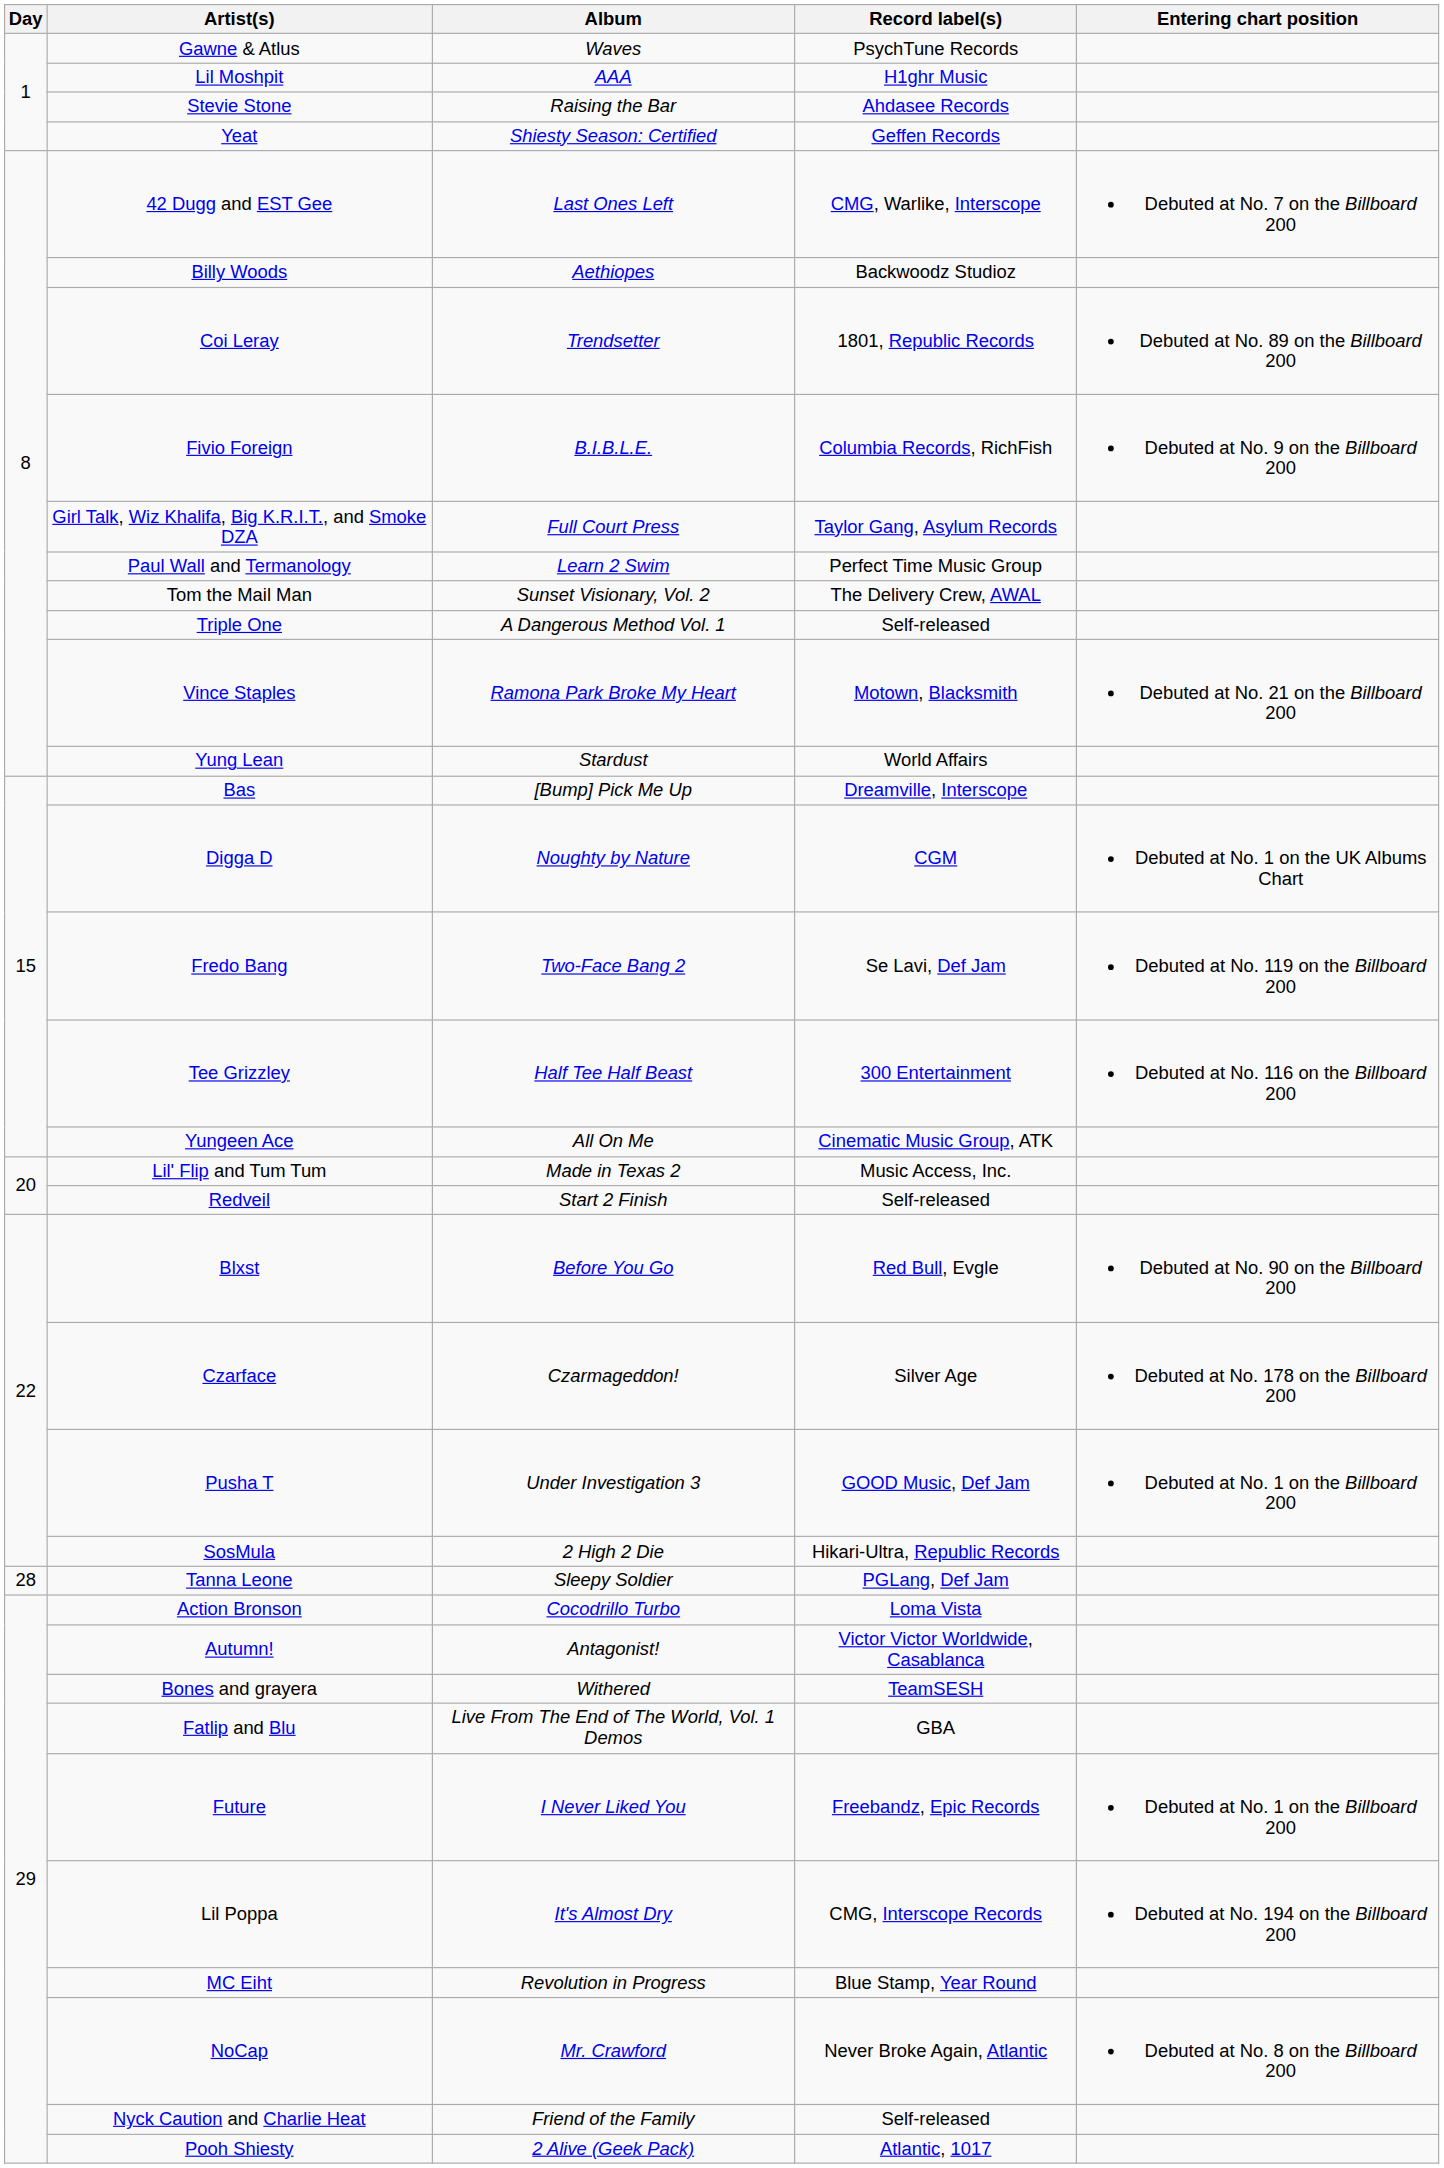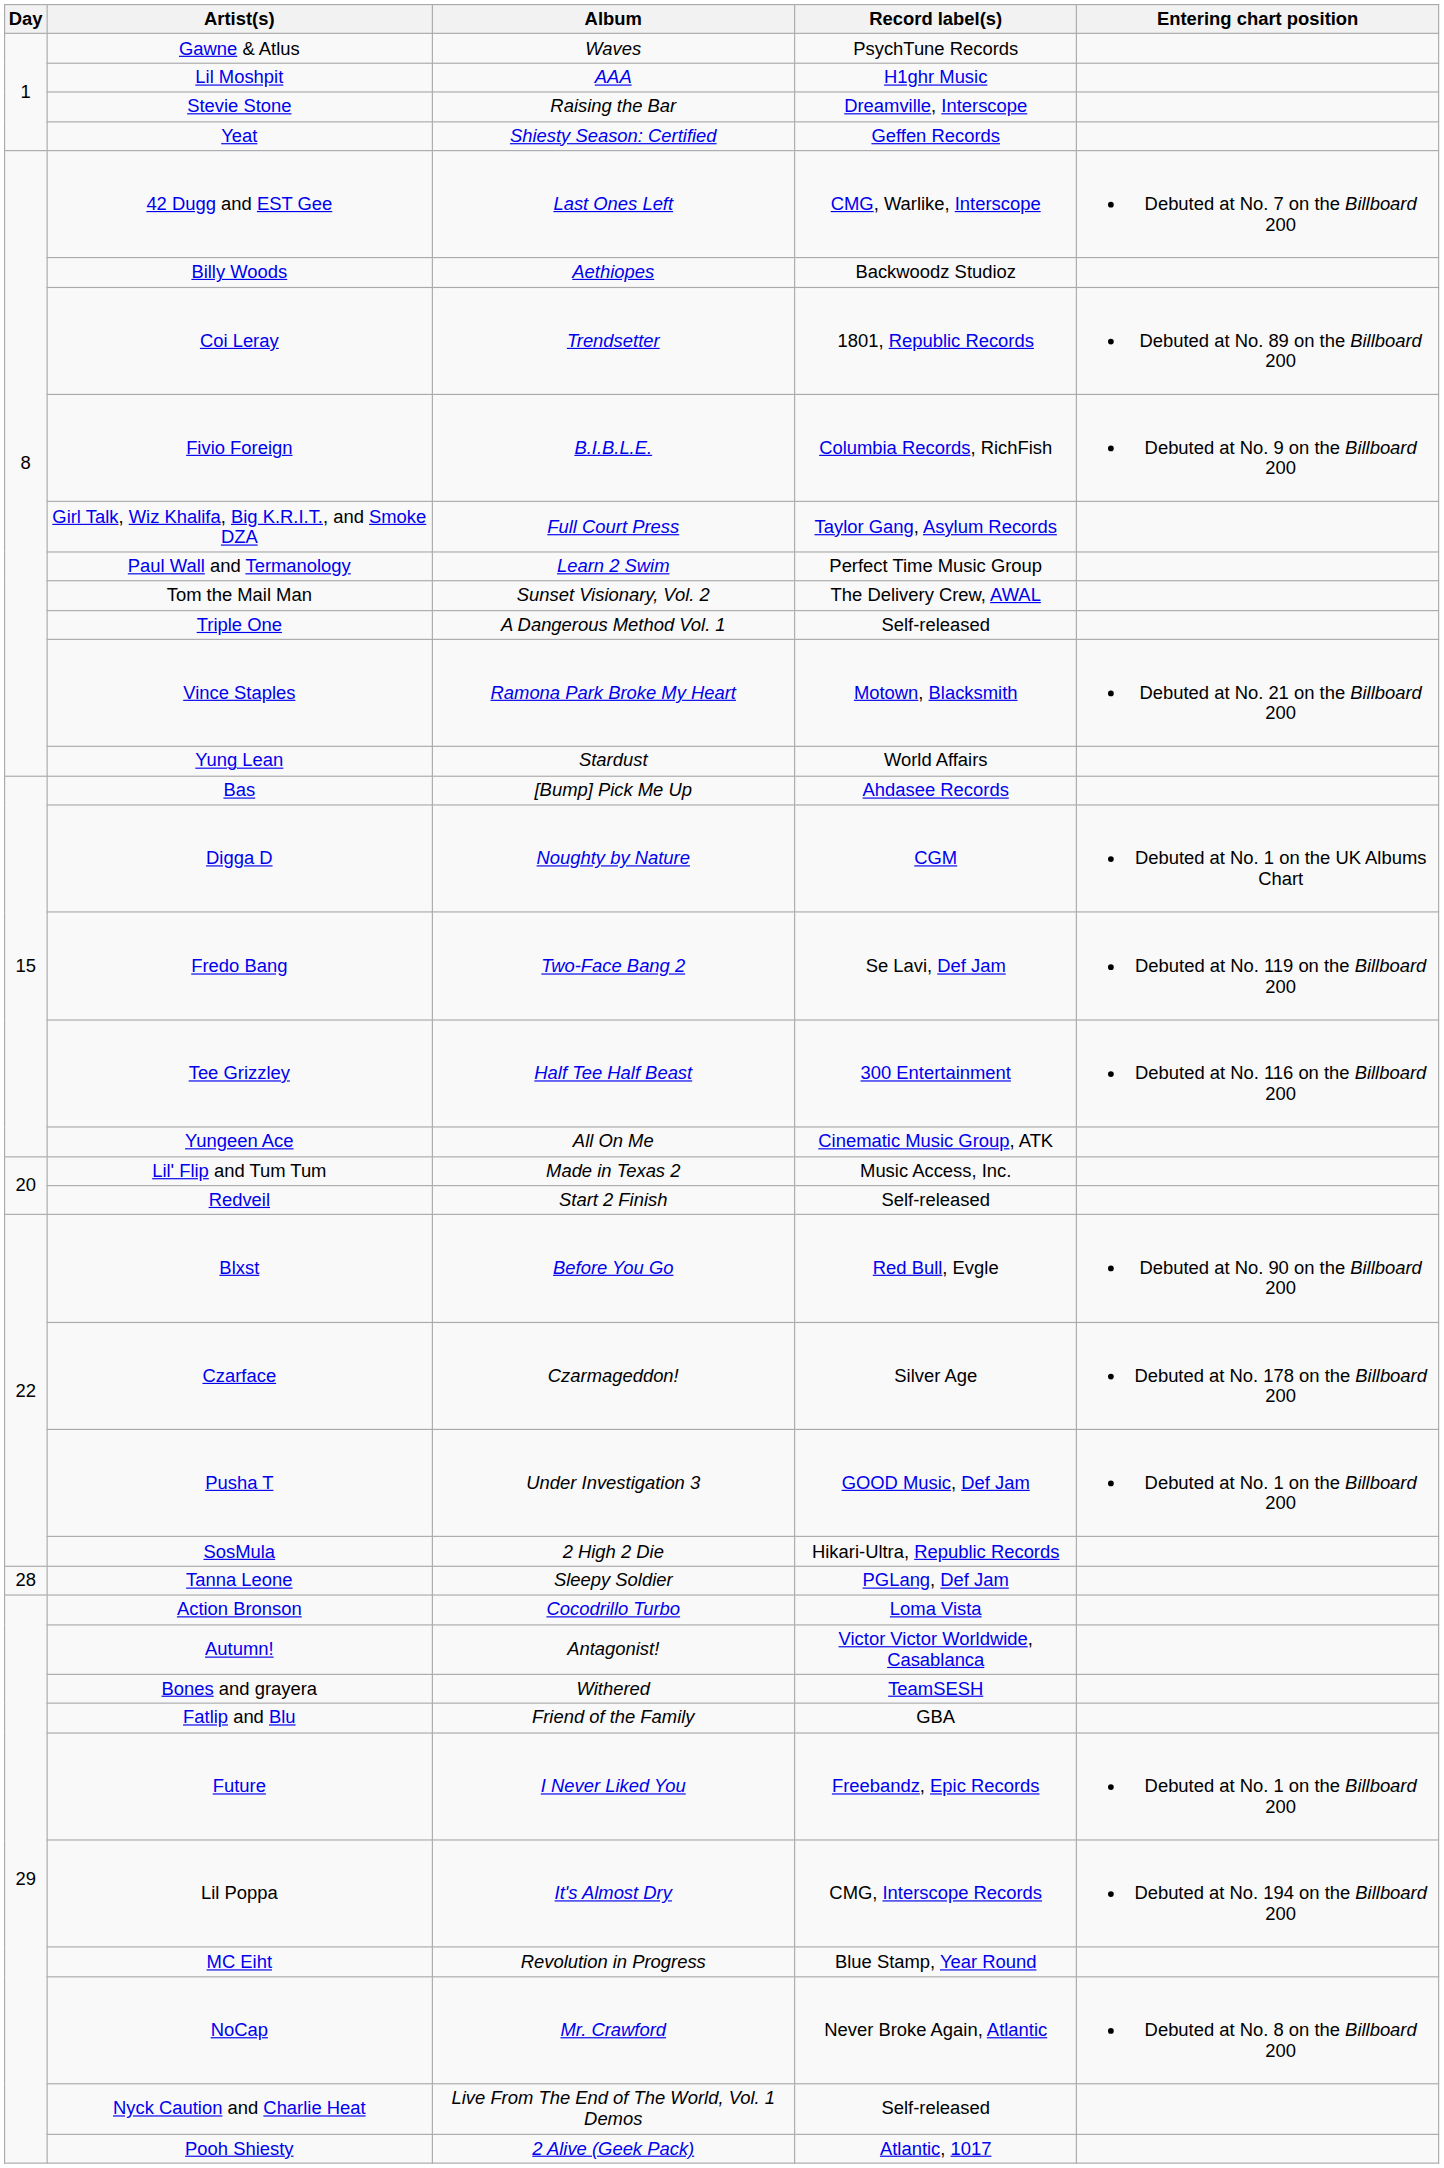 <table class="wikitable" style="text-align:center;">
 <tr>
 <th scope="col">Day</th>
 <th scope="col">Artist(s)</th>
 <th scope="col">Album</th>
 <th scope="col">Record label(s)</th>
 <th>Entering chart position</th>
 </tr>
 <tr>
 <td rowspan="4">1</td>
 <td><a href='#'>Gawne</a> & Atlus</td>
 <td><em>Waves</em></td>
 <td>PsychTune Records</td>
 <td></td>
 </tr>
 <tr>
 <td><a href='#'>Lil Moshpit</a></td>
 <td><em><a href='#'>AAA</a></em></td>
 <td><a href='#'>H1ghr Music</a></td>
 <td></td>
 </tr>
 <tr>
 <td><a href='#'>Stevie Stone</a></td>
 <td><em>Raising the Bar</em></td>
-<td><a href='#'>Ahdasee Records</a></td>
+<td><a href='#'>Dreamville</a>, <a href='#'>Interscope</a></td>
 <td></td>
 </tr>
 <tr>
 <td><a href='#'>Yeat</a></td>
 <td><em><a href='#'>Shiesty Season: Certified</a></em></td>
 <td><a href='#'>Geffen Records</a></td>
 <td></td>
 </tr>
 <tr>
 <td rowspan="10">8</td>
 <td><a href='#'>42 Dugg</a> and <a href='#'>EST Gee</a></td>
 <td><em><a href='#'>Last Ones Left</a></em></td>
 <td><a href='#'>CMG</a>, Warlike, <a href='#'>Interscope</a></td>
 <td><br><ul><li>Debuted at No. 7 on the <em>Billboard</em> 200</li></ul></td>
 </tr>
 <tr>
 <td><a href='#'>Billy Woods</a></td>
 <td><em><a href='#'>Aethiopes</a></em></td>
 <td>Backwoodz Studioz</td>
 <td></td>
 </tr>
 <tr>
 <td><a href='#'>Coi Leray</a></td>
 <td><em><a href='#'>Trendsetter</a></em></td>
 <td>1801, <a href='#'>Republic Records</a></td>
 <td><br><ul><li>Debuted at No. 89 on the <em>Billboard</em> 200</li></ul></td>
 </tr>
 <tr>
 <td><a href='#'>Fivio Foreign</a></td>
 <td><em><a href='#'>B.I.B.L.E.</a></em></td>
 <td><a href='#'>Columbia Records</a>, RichFish</td>
 <td><br><ul><li>Debuted at No. 9 on the <em>Billboard</em> 200</li></ul></td>
 </tr>
 <tr>
 <td><a href='#'>Girl Talk</a>, <a href='#'>Wiz Khalifa</a>, <a href='#'>Big K.R.I.T.</a>, and <a href='#'>Smoke DZA</a></td>
 <td><em><a href='#'>Full Court Press</a></em></td>
 <td><a href='#'>Taylor Gang</a>, <a href='#'>Asylum Records</a></td>
 <td></td>
 </tr>
 <tr>
 <td><a href='#'>Paul Wall</a> and <a href='#'>Termanology</a></td>
 <td><em><a href='#'>Learn 2 Swim</a></em></td>
 <td>Perfect Time Music Group</td>
 <td></td>
 </tr>
 <tr>
 <td>Tom the Mail Man</td>
 <td><em>Sunset Visionary, Vol. 2</em></td>
 <td>The Delivery Crew, <a href='#'>AWAL</a></td>
 <td></td>
 </tr>
 <tr>
 <td><a href='#'>Triple One</a></td>
 <td><em>A Dangerous Method Vol. 1</em></td>
 <td>Self-released</td>
 <td></td>
 </tr>
 <tr>
 <td><a href='#'>Vince Staples</a></td>
 <td><em><a href='#'>Ramona Park Broke My Heart</a></em></td>
 <td><a href='#'>Motown</a>, <a href='#'>Blacksmith</a></td>
 <td><br><ul><li>Debuted at No. 21 on the <em>Billboard</em> 200</li></ul></td>
 </tr>
 <tr>
 <td><a href='#'>Yung Lean</a></td>
 <td><em>Stardust</em></td>
 <td>World Affairs</td>
 <td></td>
 </tr>
 <tr>
 <td rowspan="5">15</td>
 <td><a href='#'>Bas</a></td>
 <td><em>[Bump] Pick Me Up</em></td>
-<td><a href='#'>Dreamville</a>, <a href='#'>Interscope</a></td>
+<td><a href='#'>Ahdasee Records</a></td>
 <td></td>
 </tr>
 <tr>
 <td><a href='#'>Digga D</a></td>
 <td><em><a href='#'>Noughty by Nature</a></em></td>
 <td><a href='#'>CGM</a></td>
 <td><br><ul><li>Debuted at No. 1 on the UK Albums Chart</li></ul></td>
 </tr>
 <tr>
 <td><a href='#'>Fredo Bang</a></td>
 <td><em><a href='#'>Two-Face Bang 2</a></em></td>
 <td>Se Lavi, <a href='#'>Def Jam</a></td>
 <td><br><ul><li>Debuted at No. 119 on the <em>Billboard</em> 200</li></ul></td>
 </tr>
 <tr>
 <td><a href='#'>Tee Grizzley</a></td>
 <td><em><a href='#'>Half Tee Half Beast</a></em></td>
 <td><a href='#'>300 Entertainment</a></td>
 <td><br><ul><li>Debuted at No. 116 on the <em>Billboard</em> 200</li></ul></td>
 </tr>
 <tr>
 <td><a href='#'>Yungeen Ace</a></td>
 <td><em>All On Me</em></td>
 <td><a href='#'>Cinematic Music Group</a>, ATK</td>
 <td></td>
 </tr>
 <tr>
 <td rowspan="2">20</td>
 <td><a href='#'>Lil' Flip</a> and Tum Tum</td>
 <td><em>Made in Texas 2</em></td>
 <td>Music Access, Inc.</td>
 <td></td>
 </tr>
 <tr>
 <td><a href='#'>Redveil</a></td>
 <td><em>Start 2 Finish</em></td>
 <td>Self-released</td>
 <td></td>
 </tr>
 <tr>
 <td rowspan="4">22</td>
 <td><a href='#'>Blxst</a></td>
 <td><em><a href='#'>Before You Go</a></em></td>
 <td><a href='#'>Red Bull</a>, Evgle</td>
 <td><br><ul><li>Debuted at No. 90 on the <em>Billboard</em> 200</li></ul></td>
 </tr>
 <tr>
 <td><a href='#'>Czarface</a></td>
 <td><em>Czarmageddon!</em></td>
 <td>Silver Age</td>
 <td><br><ul><li>Debuted at No. 178 on the <em>Billboard</em> 200</li></ul></td>
 </tr>
 <tr>
 <td><a href='#'>Pusha T</a></td>
 <td><em>Under Investigation 3</em></td>
 <td><a href='#'>GOOD Music</a>, <a href='#'>Def Jam</a></td>
 <td><br><ul><li>Debuted at No. 1 on the <em>Billboard</em> 200</li></ul></td>
 </tr>
 <tr>
 <td><a href='#'>SosMula</a></td>
 <td><em>2 High 2 Die</em></td>
 <td>Hikari-Ultra, <a href='#'>Republic Records</a></td>
 <td></td>
 </tr>
 <tr>
 <td>28</td>
 <td><a href='#'>Tanna Leone</a></td>
 <td><em>Sleepy Soldier</em></td>
 <td><a href='#'>PGLang</a>, <a href='#'>Def Jam</a></td>
 <td></td>
 </tr>
 <tr>
 <td rowspan="10">29</td>
 <td><a href='#'>Action Bronson</a></td>
 <td><em><a href='#'>Cocodrillo Turbo</a></em></td>
 <td><a href='#'>Loma Vista</a></td>
 <td></td>
 </tr>
 <tr>
 <td><a href='#'>Autumn!</a></td>
 <td><em>Antagonist!</em></td>
 <td><a href='#'>Victor Victor Worldwide</a>, <a href='#'>Casablanca</a></td>
 <td></td>
 </tr>
 <tr>
 <td><a href='#'>Bones</a> and grayera</td>
 <td><em>Withered</em></td>
 <td><a href='#'>TeamSESH</a></td>
 <td></td>
 </tr>
 <tr>
 <td><a href='#'>Fatlip</a> and <a href='#'>Blu</a></td>
-<td><em>Live From The End of The World, Vol. 1 Demos</em></td>
+<td><em>Friend of the Family</em></td>
 <td>GBA</td>
 <td></td>
 </tr>
 <tr>
 <td><a href='#'>Future</a></td>
 <td><em><a href='#'>I Never Liked You</a></em></td>
 <td><a href='#'>Freebandz</a>, <a href='#'>Epic Records</a></td>
 <td><br><ul><li>Debuted at No. 1 on the <em>Billboard</em> 200</li></ul></td>
 </tr>
 <tr>
 <td>Lil Poppa</td>
 <td><em><a href='#'>It's Almost Dry</a></em></td>
 <td>CMG, <a href='#'>Interscope Records</a></td>
 <td><br><ul><li>Debuted at No. 194 on the <em>Billboard</em> 200</li></ul></td>
 </tr>
 <tr>
 <td><a href='#'>MC Eiht</a></td>
 <td><em>Revolution in Progress</em></td>
 <td>Blue Stamp, <a href='#'>Year Round</a></td>
 <td></td>
 </tr>
 <tr>
 <td><a href='#'>NoCap</a></td>
 <td><em><a href='#'>Mr. Crawford</a></em></td>
 <td>Never Broke Again, <a href='#'>Atlantic</a></td>
 <td><br><ul><li>Debuted at No. 8 on the <em>Billboard</em> 200</li></ul></td>
 </tr>
 <tr>
 <td><a href='#'>Nyck Caution</a> and <a href='#'>Charlie Heat</a></td>
-<td><em>Friend of the Family</em></td>
+<td><em>Live From The End of The World, Vol. 1 Demos</em></td>
 <td>Self-released</td>
 <td></td>
 </tr>
 <tr>
 <td><a href='#'>Pooh Shiesty</a></td>
 <td><em><a href='#'>2 Alive (Geek Pack)</a></em></td>
 <td><a href='#'>Atlantic</a>, <a href='#'>1017</a></td>
 <td></td>
 </tr>
 </table>
